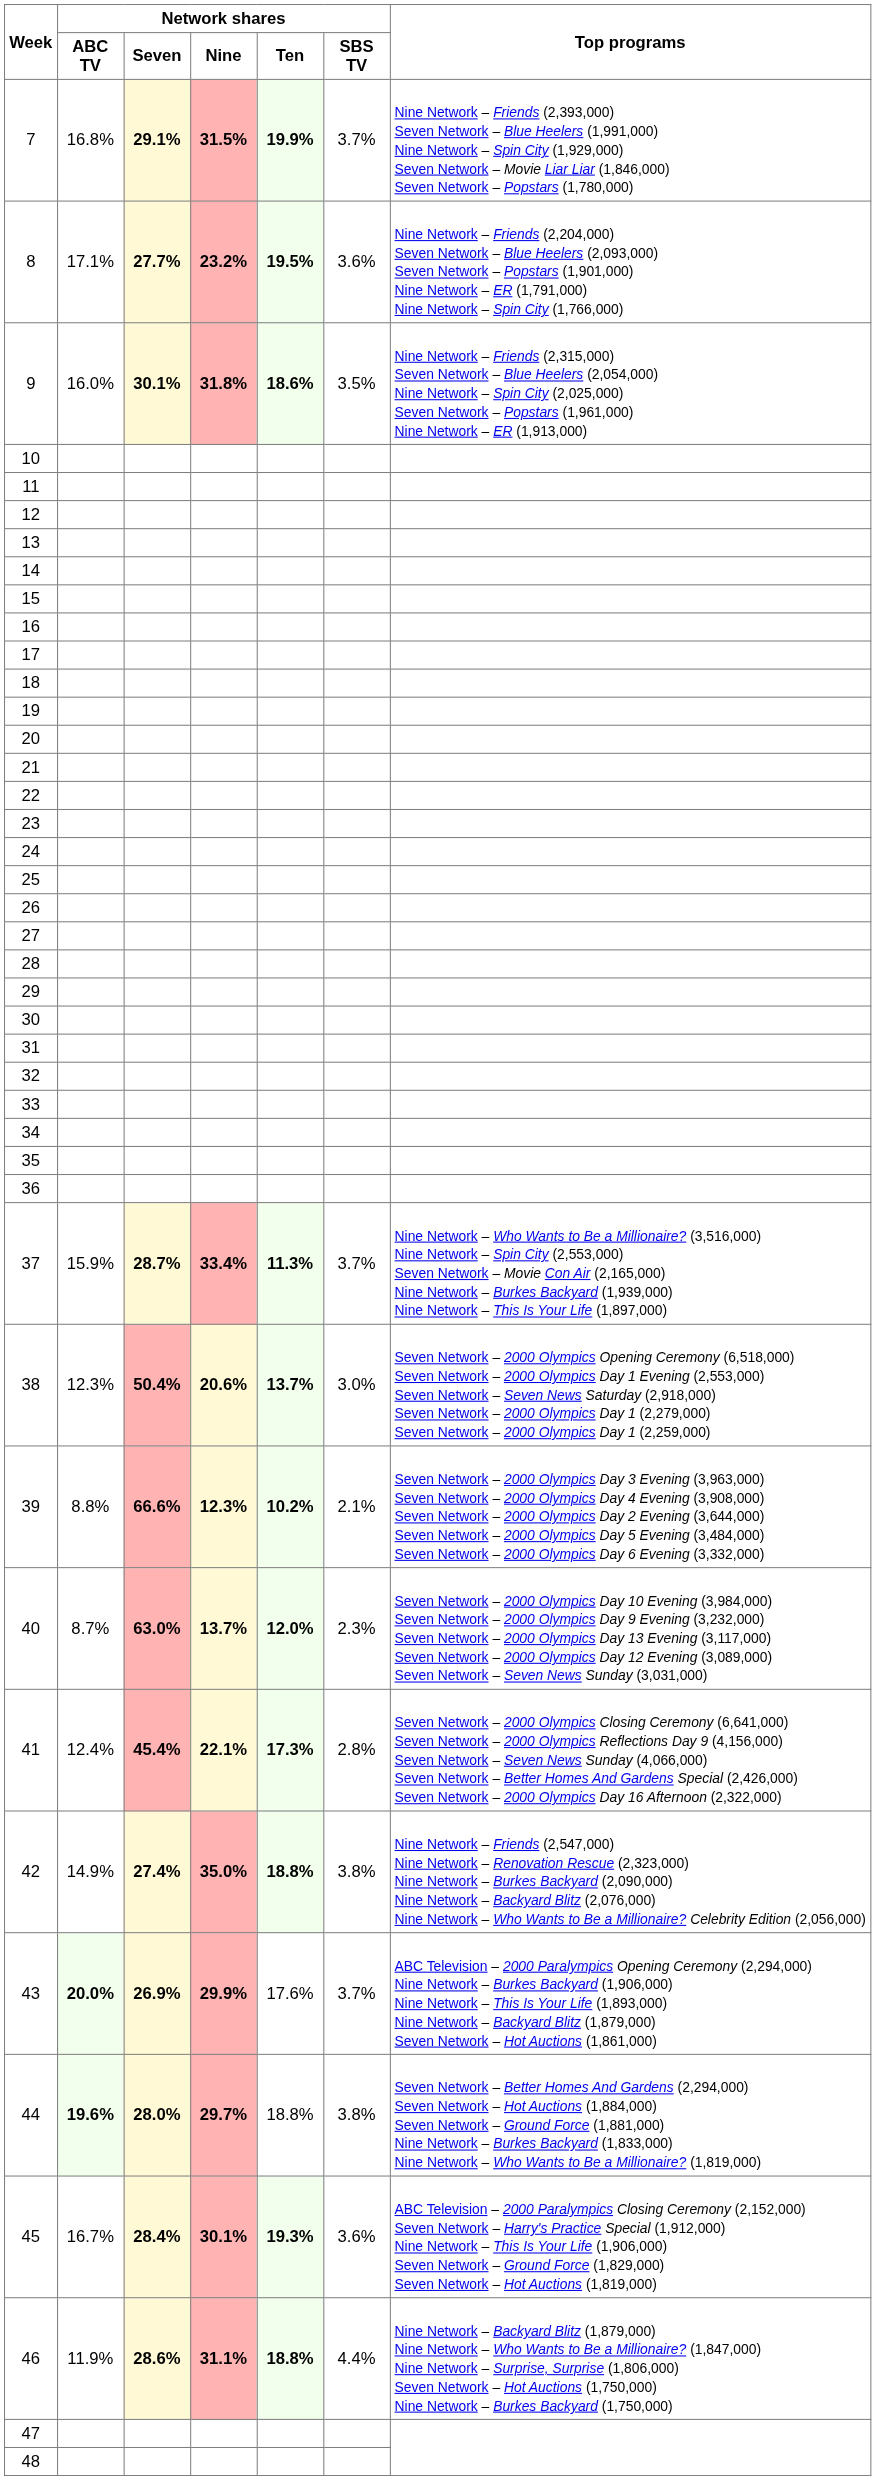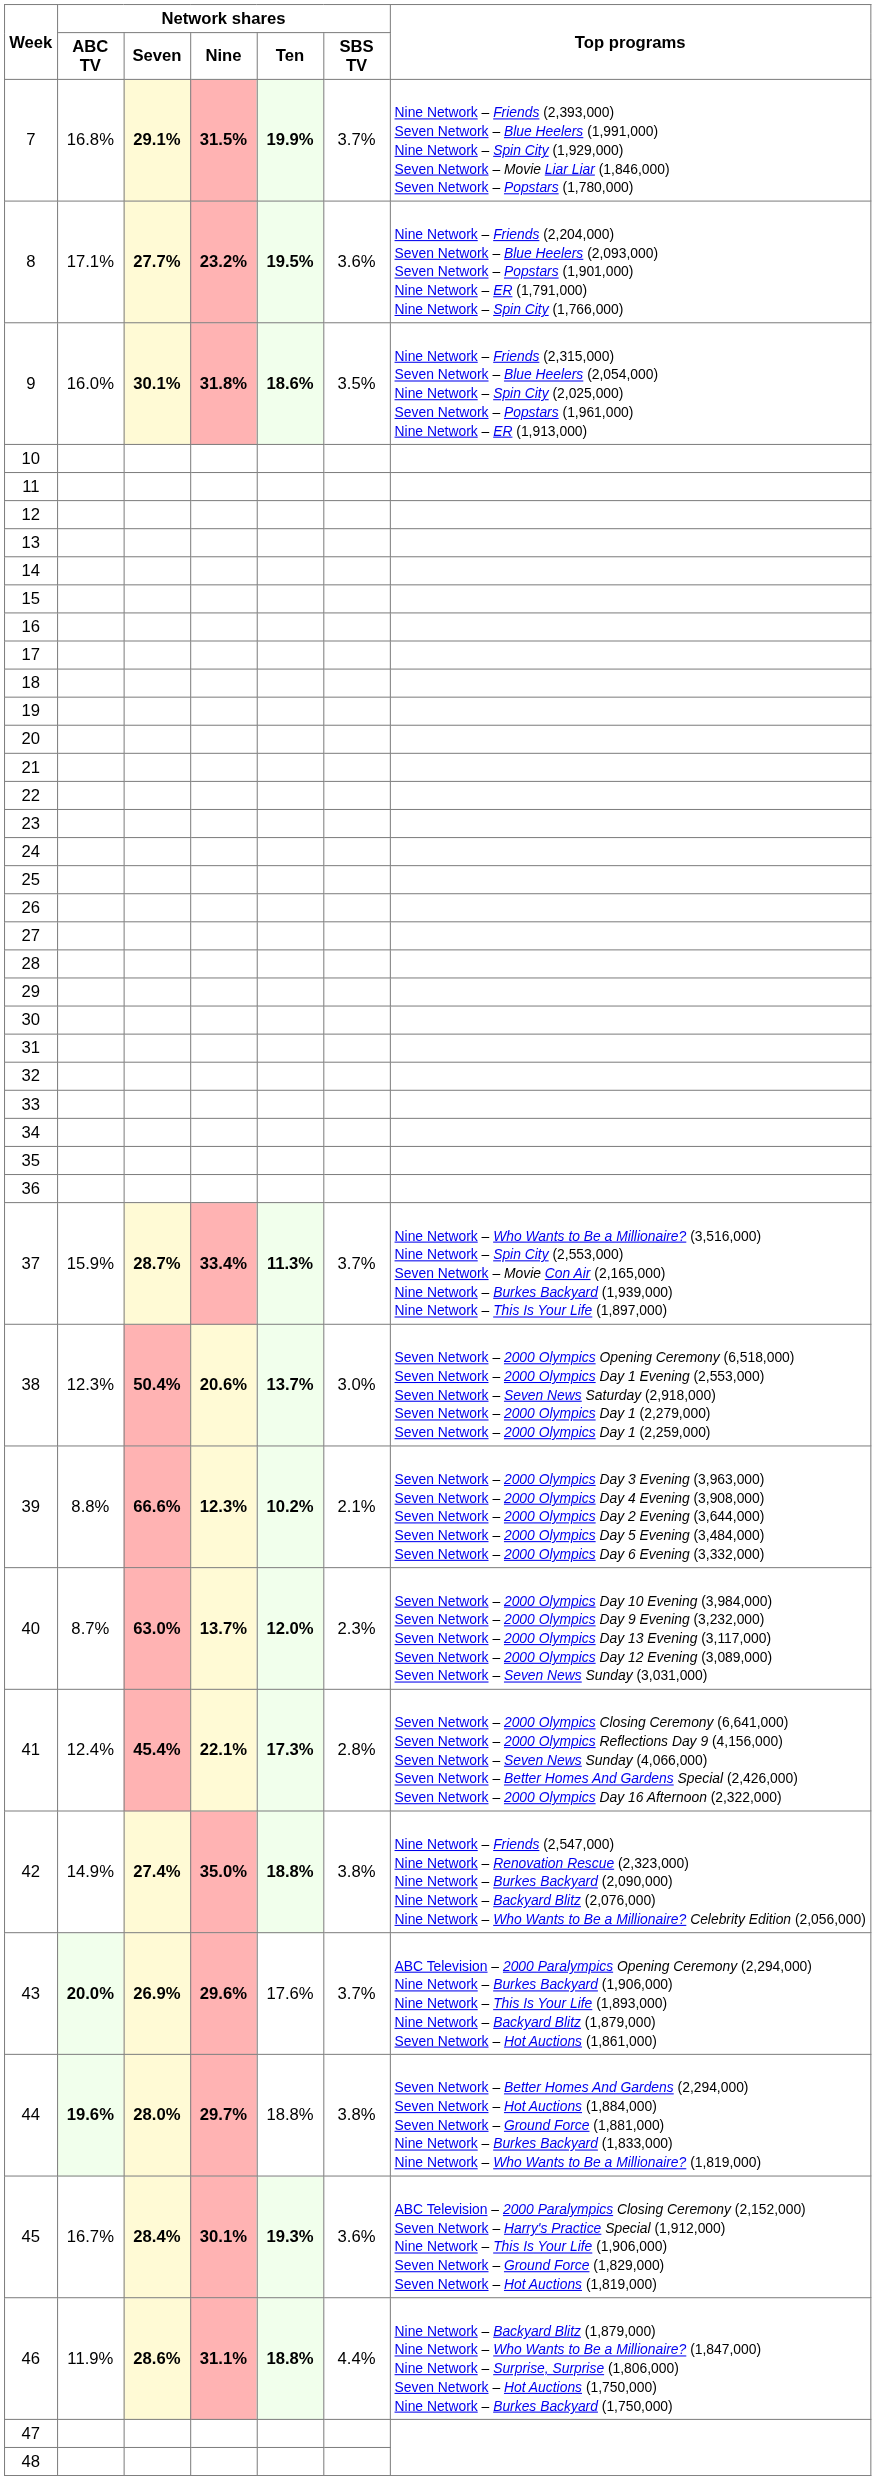 <table border="1" cellpadding="4" cellspacing="0" border="1px solid #aaa" style="border-collapse:collapse">
 <tr bgcolor="white" align="center">
 <th rowspan=2>Week</th>
 <th colspan=5>Network shares</th>
 <th rowspan=2>Top programs</th>
 </tr>
 <tr bgcolor="white" align="center">
 <td width=55><strong>ABC TV</strong></td>
 <td width=55><strong>Seven</strong></td>
 <td width=55><strong>Nine</strong></td>
 <td width=55><strong>Ten</strong></td>
 <td width=55><strong>SBS TV</strong></td>
 </tr>
 <tr align=center>
 <td>7</td>
 <td>16.8%</td>
 <th style="background-color: #FFFAD5">29.1%</th>
 <th style="background-color: #FFB3B3;"><strong>31.5%</strong></th>
 <th style="background-color: #F1FFEC">19.9%</th>
 <td>3.7%</td>
 <td align=left><br><small><a href='#'>Nine Network</a> –   <em><a href='#'>Friends</a></em> (2,393,000)<br> <a href='#'>Seven Network</a> –   <em><a href='#'>Blue Heelers</a></em> (1,991,000)<br> <a href='#'>Nine Network</a> –   <em><a href='#'>Spin City</a></em> (1,929,000)<br> <a href='#'>Seven Network</a> –   <em>Movie <a href='#'>Liar Liar</a></em> (1,846,000)<br> <a href='#'>Seven Network</a> –    <em><a href='#'>Popstars</a></em> (1,780,000)<br></small></td>
 </tr>
 <tr align=center>
 <td>8</td>
 <td>17.1%</td>
 <th style="background-color: #FFFAD5">27.7%</th>
 <th style="background-color: #FFB3B3;"><strong>23.2%</strong></th>
 <th style="background-color: #F1FFEC">19.5%</th>
 <td>3.6%</td>
 <td align=left><br><small><a href='#'>Nine Network</a> –   <em><a href='#'>Friends</a></em> (2,204,000)<br> <a href='#'>Seven Network</a> –   <em><a href='#'>Blue Heelers</a></em> (2,093,000)<br> <a href='#'>Seven Network</a> –    <em><a href='#'>Popstars</a></em> (1,901,000)<br> <a href='#'>Nine Network</a> –   <em><a href='#'>ER</a></em> (1,791,000)<br> <a href='#'>Nine Network</a> –   <em><a href='#'>Spin City</a></em> (1,766,000)<br></small></td>
 </tr>
 <tr align=center>
 <td>9</td>
 <td>16.0%</td>
 <th style="background-color: #FFFAD5">30.1%</th>
 <th style="background-color: #FFB3B3;"><strong>31.8%</strong></th>
 <th style="background-color: #F1FFEC">18.6%</th>
 <td>3.5%</td>
 <td align=left><br><small><a href='#'>Nine Network</a> –   <em><a href='#'>Friends</a></em> (2,315,000)<br> <a href='#'>Seven Network</a> –   <em><a href='#'>Blue Heelers</a></em> (2,054,000)<br> <a href='#'>Nine Network</a> –   <em><a href='#'>Spin City</a></em> (2,025,000)<br> <a href='#'>Seven Network</a> –    <em><a href='#'>Popstars</a></em> (1,961,000)<br> <a href='#'>Nine Network</a> –   <em><a href='#'>ER</a></em> (1,913,000)<br></small></td>
 </tr>
 <tr align=center>
 <td>10</td>
 <td></td>
 <th></th>
 <th></th>
 <th></th>
 <td></td>
 <td align=left></td>
 </tr>
 <tr align=center>
 <td>11</td>
 <td></td>
 <th></th>
 <th></th>
 <th></th>
 <td></td>
 <td align=left></td>
 </tr>
 <tr align=center>
 <td>12</td>
 <td></td>
 <th></th>
 <th></th>
 <th></th>
 <td></td>
 <td align=left></td>
 </tr>
 <tr align=center>
 <td>13</td>
 <td></td>
 <th></th>
 <th></th>
 <th></th>
 <td></td>
 <td align=left></td>
 </tr>
 <tr align=center>
 <td>14</td>
 <td></td>
 <th></th>
 <th></th>
 <th></th>
 <td></td>
 <td align=left></td>
 </tr>
 <tr align=center>
 <td>15</td>
 <td></td>
 <th></th>
 <th></th>
 <th></th>
 <td></td>
 <td align=left></td>
 </tr>
 <tr align=center>
 <td>16</td>
 <td></td>
 <th></th>
 <th></th>
 <th></th>
 <td></td>
 <td align=left></td>
 </tr>
 <tr align=center>
 <td>17</td>
 <td></td>
 <th></th>
 <th></th>
 <th></th>
 <td></td>
 <td align=left></td>
 </tr>
 <tr align=center>
 <td>18</td>
 <td></td>
 <th></th>
 <th></th>
 <th></th>
 <td></td>
 <td align=left></td>
 </tr>
 <tr align=center>
 <td>19</td>
 <td></td>
 <th></th>
 <th></th>
 <th></th>
 <td></td>
 <td></td>
 </tr>
 <tr align=center>
 <td>20</td>
 <td></td>
 <th></th>
 <th></th>
 <th></th>
 <td></td>
 <td align=left></td>
 </tr>
 <tr align=center>
 <td>21</td>
 <td></td>
 <th></th>
 <th></th>
 <th></th>
 <td></td>
 <td align=left></td>
 </tr>
 <tr align=center>
 <td>22</td>
 <td></td>
 <th></th>
 <th></th>
 <th></th>
 <td></td>
 <td align=left></td>
 </tr>
 <tr align=center>
 <td>23</td>
 <td></td>
 <th></th>
 <th></th>
 <th></th>
 <td></td>
 <td align=left></td>
 </tr>
 <tr align=center>
 <td>24</td>
 <td></td>
 <th></th>
 <th></th>
 <th></th>
 <td></td>
 <td align=left></td>
 </tr>
 <tr align=center>
 <td>25</td>
 <td></td>
 <th></th>
 <th></th>
 <th></th>
 <td></td>
 <td align=left></td>
 </tr>
 <tr align=center>
 <td>26</td>
 <td></td>
 <th></th>
 <th></th>
 <th></th>
 <td></td>
 <td align=left></td>
 </tr>
 <tr align=center>
 <td>27</td>
 <td></td>
 <th></th>
 <th></th>
 <th></th>
 <td></td>
 <td align=left></td>
 </tr>
 <tr align=center>
 <td>28</td>
 <td></td>
 <th></th>
 <th></th>
 <th></th>
 <td></td>
 <td align=left></td>
 </tr>
 <tr align=center>
 <td>29</td>
 <td></td>
 <th></th>
 <th></th>
 <th></th>
 <td></td>
 <td align=left></td>
 </tr>
 <tr align=center>
 <td>30</td>
 <td></td>
 <th></th>
 <th></th>
 <th></th>
 <td></td>
 <td align=left></td>
 </tr>
 <tr align=center>
 <td>31</td>
 <td></td>
 <th></th>
 <th></th>
 <th></th>
 <td></td>
 <td align=left></td>
 </tr>
 <tr align=center>
 <td>32</td>
 <td></td>
 <th></th>
 <th></th>
 <th></th>
 <td></td>
 <td align=left></td>
 </tr>
 <tr align=center>
 <td>33</td>
 <td></td>
 <th></th>
 <th></th>
 <th></th>
 <td></td>
 <td align=left></td>
 </tr>
 <tr align=center>
 <td>34</td>
 <td></td>
 <th></th>
 <th></th>
 <th></th>
 <td></td>
 <td align=left></td>
 </tr>
 <tr align=center>
 <td>35</td>
 <td></td>
 <th></th>
 <th></th>
 <th></th>
 <td></td>
 <td align=left></td>
 </tr>
 <tr align=center>
 <td>36</td>
 <td></td>
 <th></th>
 <th></th>
 <th></th>
 <td></td>
 <td align=left></td>
 </tr>
 <tr align=center>
 <td>37</td>
 <td>15.9%</td>
 <th style="background-color: #FFFAD5">28.7%</th>
 <th style="background-color: #FFB3B3;"><strong>33.4%</strong></th>
 <th style="background-color: #F1FFEC">11.3%</th>
 <td>3.7%</td>
 <td align=left><br><small><a href='#'>Nine Network</a> –   <em><a href='#'>Who Wants to Be a Millionaire?</a></em> (3,516,000)<br> <a href='#'>Nine Network</a> –   <em><a href='#'>Spin City</a></em> (2,553,000)<br> <a href='#'>Seven Network</a> –  <em>Movie <a href='#'>Con Air</a></em> (2,165,000)<br> <a href='#'>Nine Network</a> –   <em><a href='#'>Burkes Backyard</a></em> (1,939,000)<br> <a href='#'>Nine Network</a> –   <em><a href='#'>This Is Your Life</a></em> (1,897,000)<br></small></td>
 </tr>
 <tr align=center>
 <td>38</td>
 <td>12.3%</td>
 <th style="background-color: #FFB3B3;">50.4%</th>
 <th style="background-color: #FFFAD5">20.6%</th>
 <th style="background-color: #F1FFEC">13.7%</th>
 <td>3.0%</td>
 <td align=left><br><small><a href='#'>Seven Network</a> –   <em><a href='#'>2000 Olympics</a> Opening Ceremony</em> (6,518,000)<br> <a href='#'>Seven Network</a> –   <em><a href='#'>2000 Olympics</a> Day 1 Evening</em> (2,553,000)<br> <a href='#'>Seven Network</a> –  <em><a href='#'>Seven News</a> Saturday</em> (2,918,000)<br> <a href='#'>Seven Network</a> –   <em><a href='#'>2000 Olympics</a> Day 1</em> (2,279,000)<br> <a href='#'>Seven Network</a> –   <em><a href='#'>2000 Olympics</a> Day 1</em> (2,259,000)<br></small></td>
 </tr>
 <tr align=center>
 <td>39</td>
 <td>8.8%</td>
 <th style="background-color: #FFB3B3;">66.6%</th>
 <th style="background-color: #FFFAD5">12.3%</th>
 <th style="background-color: #F1FFEC">10.2%</th>
 <td>2.1%</td>
 <td align=left><br><small><a href='#'>Seven Network</a> –   <em><a href='#'>2000 Olympics</a> Day 3 Evening</em> (3,963,000)<br> <a href='#'>Seven Network</a> –   <em><a href='#'>2000 Olympics</a> Day 4 Evening</em> (3,908,000)<br> <a href='#'>Seven Network</a> –  <em><a href='#'>2000 Olympics</a> Day 2 Evening</em> (3,644,000)<br> <a href='#'>Seven Network</a> –   <em><a href='#'>2000 Olympics</a> Day 5 Evening</em> (3,484,000)<br> <a href='#'>Seven Network</a> –   <em><a href='#'>2000 Olympics</a> Day 6 Evening</em> (3,332,000)<br></small></td>
 </tr>
 <tr align=center>
 <td>40</td>
 <td>8.7%</td>
 <th style="background-color: #FFB3B3;">63.0%</th>
 <th style="background-color: #FFFAD5">13.7%</th>
 <th style="background-color: #F1FFEC">12.0%</th>
 <td>2.3%</td>
 <td align=left><br><small><a href='#'>Seven Network</a> –   <em><a href='#'>2000 Olympics</a> Day 10 Evening</em> (3,984,000)<br> <a href='#'>Seven Network</a> –   <em><a href='#'>2000 Olympics</a> Day 9 Evening</em> (3,232,000)<br> <a href='#'>Seven Network</a> –  <em><a href='#'>2000 Olympics</a> Day 13 Evening</em> (3,117,000)<br> <a href='#'>Seven Network</a> –   <em><a href='#'>2000 Olympics</a> Day 12 Evening</em> (3,089,000)<br> <a href='#'>Seven Network</a> –   <em><a href='#'>Seven News</a> Sunday</em> (3,031,000)<br></small></td>
 </tr>
 <tr align=center>
 <td>41</td>
 <td>12.4%</td>
 <th style="background-color: #FFB3B3;">45.4%</th>
 <th style="background-color: #FFFAD5">22.1%</th>
 <th style="background-color: #F1FFEC">17.3%</th>
 <td>2.8%</td>
 <td align=left><br><small><a href='#'>Seven Network</a> –   <em><a href='#'>2000 Olympics</a> Closing Ceremony</em> (6,641,000)<br> <a href='#'>Seven Network</a> –   <em><a href='#'>2000 Olympics</a> Reflections Day 9</em> (4,156,000)<br> <a href='#'>Seven Network</a> –  <em><a href='#'>Seven News</a> Sunday</em> (4,066,000)<br> <a href='#'>Seven Network</a> –   <em><a href='#'>Better Homes And Gardens</a> Special</em> (2,426,000)<br> <a href='#'>Seven Network</a> –   <em><a href='#'>2000 Olympics</a> Day 16 Afternoon</em> (2,322,000)<br></small></td>
 </tr>
 <tr align=center>
 <td>42</td>
 <td>14.9%</td>
 <th style="background-color: #FFFAD5">27.4%</th>
 <th style="background-color: #FFB3B3;"><strong>35.0%</strong></th>
 <th style="background-color: #F1FFEC">18.8%</th>
 <td>3.8%</td>
 <td align=left><br><small><a href='#'>Nine Network</a> –   <em><a href='#'>Friends</a></em> (2,547,000)<br> <a href='#'>Nine Network</a> –   <em><a href='#'>Renovation Rescue</a></em> (2,323,000)<br> <a href='#'>Nine Network</a> –   <em><a href='#'>Burkes Backyard</a></em> (2,090,000)<br> <a href='#'>Nine Network</a> –   <em><a href='#'>Backyard Blitz</a></em> (2,076,000)<br> <a href='#'>Nine Network</a> –   <em><a href='#'>Who Wants to Be a Millionaire?</a> Celebrity Edition</em> (2,056,000)<br></small></td>
 </tr>
 <tr align=center>
 <td>43</td>
 <th style="background-color: #F1FFEC">20.0%</th>
 <th style="background-color: #FFFAD5">26.9%</th>
-<th style="background-color: #FFB3B3;"><strong>29.9%</strong></th>
+<th style="background-color: #FFB3B3;"><strong>29.6%</strong></th>
 <td>17.6%</td>
 <td>3.7%</td>
 <td align=left><br><small><a href='#'>ABC Television</a> –   <em><a href='#'>2000 Paralympics</a> Opening Ceremony</em> (2,294,000)<br> <a href='#'>Nine Network</a> –   <em><a href='#'>Burkes Backyard</a></em> (1,906,000)<br> <a href='#'>Nine Network</a> –   <em><a href='#'>This Is Your Life</a></em> (1,893,000)<br> <a href='#'>Nine Network</a> –   <em><a href='#'>Backyard Blitz</a></em> (1,879,000)<br> <a href='#'>Seven Network</a> –   <em><a href='#'>Hot Auctions</a></em> (1,861,000)<br></small></td>
 </tr>
 <tr align=center>
 <td>44</td>
 <th style="background-color: #F1FFEC">19.6%</th>
 <th style="background-color: #FFFAD5">28.0%</th>
 <th style="background-color: #FFB3B3;"><strong>29.7%</strong></th>
 <td>18.8%</td>
 <td>3.8%</td>
 <td align=left><br><small><a href='#'>Seven Network</a> –   <em><a href='#'>Better Homes And Gardens</a></em> (2,294,000)<br> <a href='#'>Seven Network</a> –   <em><a href='#'>Hot Auctions</a></em> (1,884,000)<br> <a href='#'>Seven Network</a> –   <em><a href='#'>Ground Force</a></em> (1,881,000)<br> <a href='#'>Nine Network</a> –   <em><a href='#'>Burkes Backyard</a></em> (1,833,000)<br> <a href='#'>Nine Network</a> –   <em><a href='#'>Who Wants to Be a Millionaire?</a></em> (1,819,000)<br></small></td>
 </tr>
 <tr align=center>
 <td>45</td>
 <td>16.7%</td>
 <th style="background-color: #FFFAD5">28.4%</th>
 <th style="background-color: #FFB3B3;"><strong>30.1%</strong></th>
 <th style="background-color: #F1FFEC">19.3%</th>
 <td>3.6%</td>
 <td align=left><br><small><a href='#'>ABC Television</a> –   <em><a href='#'>2000 Paralympics</a> Closing Ceremony</em> (2,152,000)<br> <a href='#'>Seven Network</a> –   <em><a href='#'>Harry's Practice</a> Special</em> (1,912,000)<br> <a href='#'>Nine Network</a> –   <em><a href='#'>This Is Your Life</a></em> (1,906,000)<br> <a href='#'>Seven Network</a> –   <em><a href='#'>Ground Force</a></em> (1,829,000)<br> <a href='#'>Seven Network</a> –   <em><a href='#'>Hot Auctions</a></em> (1,819,000)<br></small></td>
 </tr>
 <tr align=center>
 <td>46</td>
 <td>11.9%</td>
 <th style="background-color: #FFFAD5">28.6%</th>
 <th style="background-color: #FFB3B3;"><strong>31.1%</strong></th>
 <th style="background-color: #F1FFEC">18.8%</th>
 <td>4.4%</td>
 <td align=left><br><small><a href='#'>Nine Network</a> –   <em><a href='#'>Backyard Blitz</a></em> (1,879,000)<br> <a href='#'>Nine Network</a> –   <em><a href='#'>Who Wants to Be a Millionaire?</a></em> (1,847,000)<br> <a href='#'>Nine Network</a> –   <em><a href='#'>Surprise, Surprise</a></em> (1,806,000)<br> <a href='#'>Seven Network</a> –   <em><a href='#'>Hot Auctions</a></em> (1,750,000)<br> <a href='#'>Nine Network</a> –   <em><a href='#'>Burkes Backyard</a></em> (1,750,000)<br></small></td>
 </tr>
 <tr align=center>
 <td>47</td>
 <td></td>
 <th></th>
 <th></th>
 <th></th>
 <td></td>
 </tr>
 <tr align=center>
 <td>48</td>
 <td></td>
 <th></th>
 <th></th>
 <th></th>
 <td></td>
 </tr>
 <tr align=center>
 </tr>
 </table>
